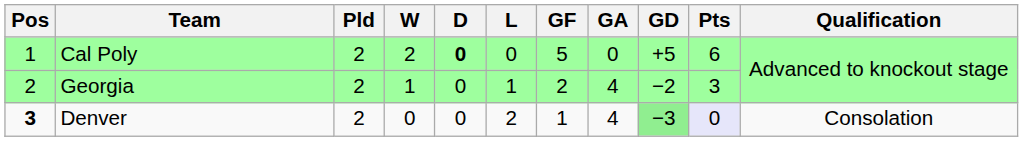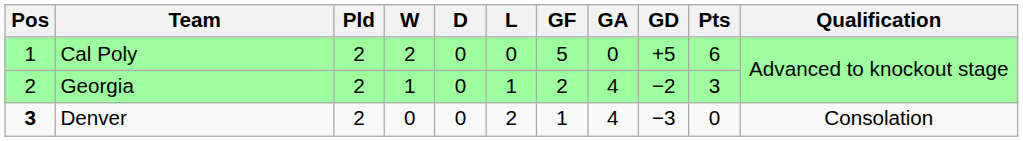 <table class="wikitable" style="text-align:center; margin: 1em auto">
 <tr>
 <th style="width:2em">Pos</th>
 <th style="width:13em">Team</th>
 <th style="width:2em">Pld</th>
 <th style="width:2em">W</th>
 <th style="width:2em">D</th>
 <th style="width:2em">L</th>
 <th style="width:2em">GF</th>
 <th style="width:2em">GA</th>
 <th style="width:2em">GD</th>
 <th style="width:2em">Pts</th>
 <th style="width:13em">Qualification</th>
 </tr>
 <tr bgcolor="#9eff9e">
 <td>1</td>
 <td style="text-align:left">Cal Poly</td>
 <td>2</td>
 <td>2</td>
-<td><strong>0</strong></td>
+<td>0</td>
 <td>0</td>
 <td>5</td>
 <td>0</td>
 <td>+5</td>
 <td>6</td>
 <td rowspan="2">Advanced to knockout stage</td>
 </tr>
 <tr bgcolor="#9eff9e">
 <td>2</td>
 <td style="text-align:left">Georgia</td>
 <td>2</td>
 <td>1</td>
 <td>0</td>
 <td>1</td>
 <td>2</td>
 <td>4</td>
 <td>−2</td>
 <td>3</td>
 </tr>
 <tr>
 <td><strong>3</strong></td>
 <td style="text-align:left">Denver</td>
 <td>2</td>
 <td>0</td>
 <td>0</td>
 <td>2</td>
 <td>1</td>
 <td>4</td>
-<td style="background: lightgreen;">−3</td>
-<td style="background: lavender;">0</td>
+<td>−3</td>
+<td>0</td>
 <td>Consolation</td>
 </tr>
 </table>
